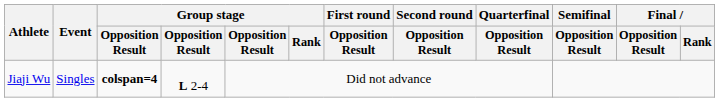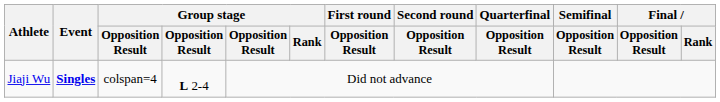 <table class=wikitable style=font-size:90%;text-align:center>
 <tr>
 <th rowspan=2>Athlete</th>
 <th rowspan=2>Event</th>
 <th colspan=4>Group stage</th>
 <th>First round</th>
 <th>Second round</th>
 <th>Quarterfinal</th>
 <th>Semifinal</th>
 <th colspan=2>Final / </th>
 </tr>
 <tr style=font-size:95%>
 <th>Opposition<br>Result</th>
 <th>Opposition<br>Result</th>
 <th>Opposition<br>Result</th>
 <th>Rank</th>
 <th>Opposition<br>Result</th>
 <th>Opposition<br>Result</th>
 <th>Opposition<br>Result</th>
 <th>Opposition<br>Result</th>
 <th>Opposition<br>Result</th>
 <th>Rank</th>
 </tr>
 <tr>
 <td align=left><a href='#'>Jiaji Wu</a></td>
-<td align=left><a href='#'>Singles</a></td>
-<td><strong>colspan=4 </strong></td>
+<td align=left><strong><a href='#'>Singles</a></strong></td>
+<td>colspan=4 </td>
 <td><br><strong>L</strong> 2-4</td>
 <td colspan=5>Did not advance</td>
 </tr>
 </table>
